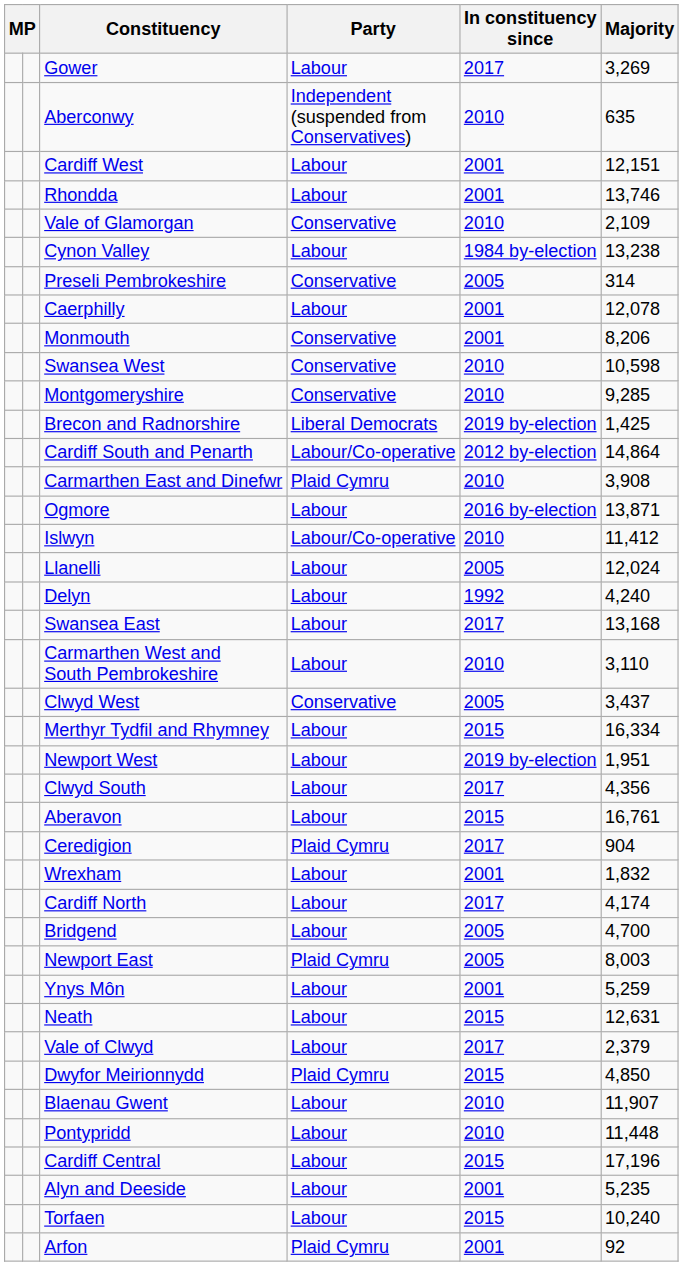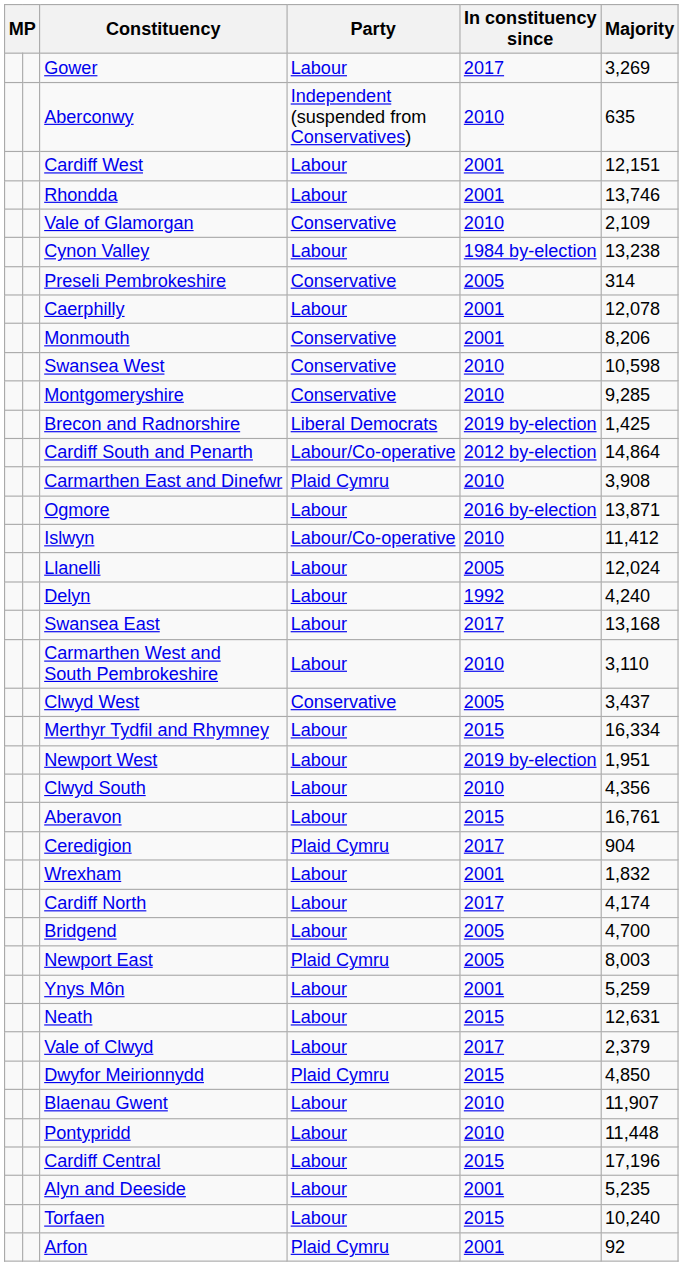 <table class="wikitable sortable">
 <tr>
 <th colspan="2">MP</th>
 <th>Constituency</th>
 <th>Party</th>
 <th>In constituency<br>since</th>
 <th>Majority</th>
 </tr>
 <tr>
 <td style="color:inherit;background-color: "></td>
 <td></td>
 <td><a href='#'>Gower</a></td>
 <td><a href='#'>Labour</a></td>
 <td><a href='#'>2017</a></td>
 <td>3,269</td>
 </tr>
 <tr>
 <td style="color:inherit;background-color: "></td>
 <td></td>
 <td><a href='#'>Aberconwy</a></td>
 <td><a href='#'>Independent</a><br>(suspended from<br><a href='#'>Conservatives</a>)</td>
 <td><a href='#'>2010</a></td>
 <td>635</td>
 </tr>
 <tr>
 <td style="color:inherit;background-color: "></td>
 <td></td>
 <td><a href='#'>Cardiff West</a></td>
 <td><a href='#'>Labour</a></td>
 <td><a href='#'>2001</a></td>
 <td>12,151</td>
 </tr>
 <tr>
 <td style="color:inherit;background-color: "></td>
 <td></td>
 <td><a href='#'>Rhondda</a></td>
 <td><a href='#'>Labour</a></td>
 <td><a href='#'>2001</a></td>
 <td>13,746</td>
 </tr>
 <tr>
 <td style="color:inherit;background-color: "></td>
 <td></td>
 <td><a href='#'>Vale of Glamorgan</a></td>
 <td><a href='#'>Conservative</a></td>
 <td><a href='#'>2010</a></td>
 <td>2,109</td>
 </tr>
 <tr>
 <td style="color:inherit;background-color: "></td>
 <td></td>
 <td><a href='#'>Cynon Valley</a></td>
 <td><a href='#'>Labour</a></td>
 <td><a href='#'>1984 by-election</a></td>
 <td>13,238</td>
 </tr>
 <tr>
 <td style="color:inherit;background-color: "></td>
 <td></td>
 <td><a href='#'>Preseli Pembrokeshire</a></td>
 <td><a href='#'>Conservative</a></td>
 <td><a href='#'>2005</a></td>
 <td>314</td>
 </tr>
 <tr>
 <td style="color:inherit;background-color: "></td>
 <td></td>
 <td><a href='#'>Caerphilly</a></td>
 <td><a href='#'>Labour</a></td>
 <td><a href='#'>2001</a></td>
 <td>12,078</td>
 </tr>
 <tr>
 <td style="color:inherit;background-color: "></td>
 <td></td>
 <td><a href='#'>Monmouth</a></td>
 <td><a href='#'>Conservative</a></td>
 <td><a href='#'>2001</a></td>
 <td>8,206</td>
 </tr>
 <tr>
 <td style="color:inherit;background-color: "></td>
 <td></td>
 <td><a href='#'>Swansea West</a></td>
 <td><a href='#'>Conservative</a></td>
 <td><a href='#'>2010</a></td>
 <td>10,598</td>
 </tr>
 <tr>
 <td style="color:inherit;background-color: "></td>
 <td></td>
 <td><a href='#'>Montgomeryshire</a></td>
 <td><a href='#'>Conservative</a></td>
 <td><a href='#'>2010</a></td>
 <td>9,285</td>
 </tr>
 <tr>
 <td style="color:inherit;background-color: "></td>
 <td></td>
 <td><a href='#'>Brecon and Radnorshire</a></td>
 <td><a href='#'>Liberal Democrats</a></td>
 <td><a href='#'>2019 by-election</a></td>
 <td>1,425</td>
 </tr>
 <tr>
 <td style="color:inherit;background-color: "></td>
 <td></td>
 <td><a href='#'>Cardiff South and Penarth</a></td>
 <td><a href='#'>Labour/Co-operative</a></td>
 <td><a href='#'>2012 by-election</a></td>
 <td>14,864</td>
 </tr>
 <tr>
 <td style="color:inherit;background-color: "></td>
 <td></td>
 <td><a href='#'>Carmarthen East and Dinefwr</a></td>
 <td><a href='#'>Plaid Cymru</a></td>
 <td><a href='#'>2010</a></td>
 <td>3,908</td>
 </tr>
 <tr>
 <td style="color:inherit;background-color: "></td>
 <td></td>
 <td><a href='#'>Ogmore</a></td>
 <td><a href='#'>Labour</a></td>
 <td><a href='#'>2016 by-election</a></td>
 <td>13,871</td>
 </tr>
 <tr>
 <td style="color:inherit;background-color: "></td>
 <td></td>
 <td><a href='#'>Islwyn</a></td>
 <td><a href='#'>Labour/Co-operative</a></td>
 <td><a href='#'>2010</a></td>
 <td>11,412</td>
 </tr>
 <tr>
 <td style="color:inherit;background-color: "></td>
 <td></td>
 <td><a href='#'>Llanelli</a></td>
 <td><a href='#'>Labour</a></td>
 <td><a href='#'>2005</a></td>
 <td>12,024</td>
 </tr>
 <tr>
 <td style="color:inherit;background-color: "></td>
 <td></td>
 <td><a href='#'>Delyn</a></td>
 <td><a href='#'>Labour</a></td>
 <td><a href='#'>1992</a></td>
 <td>4,240</td>
 </tr>
 <tr>
 <td style="color:inherit;background-color: "></td>
 <td></td>
 <td><a href='#'>Swansea East</a></td>
 <td><a href='#'>Labour</a></td>
 <td><a href='#'>2017</a></td>
 <td>13,168</td>
 </tr>
 <tr>
 <td style="color:inherit;background-color: "></td>
 <td></td>
 <td><a href='#'>Carmarthen West and<br> South Pembrokeshire</a></td>
 <td><a href='#'>Labour</a></td>
 <td><a href='#'>2010</a></td>
 <td>3,110</td>
 </tr>
 <tr>
 <td style="color:inherit;background-color: "></td>
 <td></td>
 <td><a href='#'>Clwyd West</a></td>
 <td><a href='#'>Conservative</a></td>
 <td><a href='#'>2005</a></td>
 <td>3,437</td>
 </tr>
 <tr>
 <td style="color:inherit;background-color: "></td>
 <td></td>
 <td><a href='#'>Merthyr Tydfil and Rhymney</a></td>
 <td><a href='#'>Labour</a></td>
 <td><a href='#'>2015</a></td>
 <td>16,334</td>
 </tr>
 <tr>
 <td style="color:inherit;background-color: "></td>
 <td></td>
 <td><a href='#'>Newport West</a></td>
 <td><a href='#'>Labour</a></td>
 <td><a href='#'>2019 by-election</a></td>
 <td>1,951</td>
 </tr>
 <tr>
 <td style="color:inherit;background-color: "></td>
 <td></td>
 <td><a href='#'>Clwyd South</a></td>
 <td><a href='#'>Labour</a></td>
-<td><a href='#'>2017</a></td>
+<td><a href='#'>2010</a></td>
 <td>4,356</td>
 </tr>
 <tr>
 <td style="color:inherit;background-color: "></td>
 <td></td>
 <td><a href='#'>Aberavon</a></td>
 <td><a href='#'>Labour</a></td>
 <td><a href='#'>2015</a></td>
 <td>16,761</td>
 </tr>
 <tr>
 <td style="color:inherit;background-color: "></td>
 <td></td>
 <td><a href='#'>Ceredigion</a></td>
 <td><a href='#'>Plaid Cymru</a></td>
 <td><a href='#'>2017</a></td>
 <td>904</td>
 </tr>
 <tr>
 <td style="color:inherit;background-color: "></td>
 <td></td>
 <td><a href='#'>Wrexham</a></td>
 <td><a href='#'>Labour</a></td>
 <td><a href='#'>2001</a></td>
 <td>1,832</td>
 </tr>
 <tr>
 <td style="color:inherit;background-color: "></td>
 <td></td>
 <td><a href='#'>Cardiff North</a></td>
 <td><a href='#'>Labour</a></td>
 <td><a href='#'>2017</a></td>
 <td>4,174</td>
 </tr>
 <tr>
 <td style="color:inherit;background-color: "></td>
 <td></td>
 <td><a href='#'>Bridgend</a></td>
 <td><a href='#'>Labour</a></td>
 <td><a href='#'>2005</a></td>
 <td>4,700</td>
 </tr>
 <tr>
 <td style="color:inherit;background-color: "></td>
 <td></td>
 <td><a href='#'>Newport East</a></td>
 <td><a href='#'>Plaid Cymru</a></td>
 <td><a href='#'>2005</a></td>
 <td>8,003</td>
 </tr>
 <tr>
 <td style="color:inherit;background-color: "></td>
 <td></td>
 <td><a href='#'>Ynys Môn</a></td>
 <td><a href='#'>Labour</a></td>
 <td><a href='#'>2001</a></td>
 <td>5,259</td>
 </tr>
 <tr>
 <td style="color:inherit;background-color: "></td>
 <td></td>
 <td><a href='#'>Neath</a></td>
 <td><a href='#'>Labour</a></td>
 <td><a href='#'>2015</a></td>
 <td>12,631</td>
 </tr>
 <tr>
 <td style="color:inherit;background-color: "></td>
 <td></td>
 <td><a href='#'>Vale of Clwyd</a></td>
 <td><a href='#'>Labour</a></td>
 <td><a href='#'>2017</a></td>
 <td>2,379</td>
 </tr>
 <tr>
 <td style="color:inherit;background-color: "></td>
 <td></td>
 <td><a href='#'>Dwyfor Meirionnydd</a></td>
 <td><a href='#'>Plaid Cymru</a></td>
 <td><a href='#'>2015</a></td>
 <td>4,850</td>
 </tr>
 <tr>
 <td style="color:inherit;background-color: "></td>
 <td></td>
 <td><a href='#'>Blaenau Gwent</a></td>
 <td><a href='#'>Labour</a></td>
 <td><a href='#'>2010</a></td>
 <td>11,907</td>
 </tr>
 <tr>
 <td style="color:inherit;background-color: "></td>
 <td></td>
 <td><a href='#'>Pontypridd</a></td>
 <td><a href='#'>Labour</a></td>
 <td><a href='#'>2010</a></td>
 <td>11,448</td>
 </tr>
 <tr>
 <td style="color:inherit;background-color: "></td>
 <td></td>
 <td><a href='#'>Cardiff Central</a></td>
 <td><a href='#'>Labour</a></td>
 <td><a href='#'>2015</a></td>
 <td>17,196</td>
 </tr>
 <tr>
 <td style="color:inherit;background-color: "></td>
 <td></td>
 <td><a href='#'>Alyn and Deeside</a></td>
 <td><a href='#'>Labour</a></td>
 <td><a href='#'>2001</a></td>
 <td>5,235</td>
 </tr>
 <tr>
 <td style="color:inherit;background-color: "></td>
 <td></td>
 <td><a href='#'>Torfaen</a></td>
 <td><a href='#'>Labour</a></td>
 <td><a href='#'>2015</a></td>
 <td>10,240</td>
 </tr>
 <tr>
 <td style="color:inherit;background-color: "></td>
 <td></td>
 <td><a href='#'>Arfon</a></td>
 <td><a href='#'>Plaid Cymru</a></td>
 <td><a href='#'>2001</a></td>
 <td>92</td>
 </tr>
 </table>
